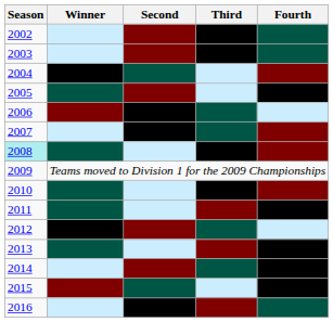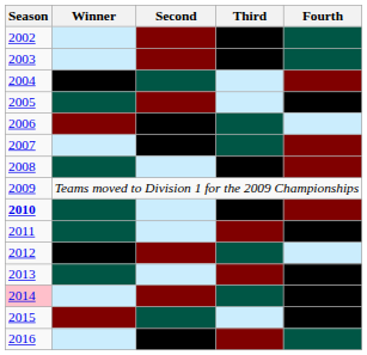 <table class="wikitable">
 <tr style="background:#efefef;">
 <th>Season</th>
 <th>Winner</th>
 <th>Second</th>
 <th>Third</th>
 <th>Fourth</th>
 </tr>
 <tr>
 <td><a href='#'>2002</a></td>
 <td bgcolor="#CBEDFD" div style="text-align: center;"></td>
 <td bgcolor="Maroon" div style="text-align: center;"></td>
 <td bgcolor="Black" div style="text-align: center;"></td>
 <td bgcolor=#005645 div style="text-align: center;"></td>
 </tr>
 <tr>
 <td><a href='#'>2003</a></td>
 <td bgcolor="#CBEDFD" div style="text-align: center;"></td>
 <td bgcolor="Maroon" div style="text-align: center;"></td>
 <td bgcolor="Black" div style="text-align: center;"></td>
 <td bgcolor=#005645 div style="text-align: center;"></td>
 </tr>
 <tr>
 <td><a href='#'>2004</a></td>
 <td bgcolor="Black" div style="text-align: center;"></td>
 <td bgcolor=#005645 div style="text-align: center;"></td>
 <td bgcolor="#CBEDFD" div style="text-align: center;"></td>
 <td bgcolor="Maroon" div style="text-align: center;"></td>
 </tr>
 <tr>
 <td><a href='#'>2005</a></td>
 <td bgcolor=#005645 div style="text-align: center;"></td>
 <td bgcolor="Maroon" div style="text-align: center;"></td>
 <td bgcolor="#CBEDFD" div style="text-align: center;"></td>
 <td bgcolor="Black" div style="text-align: center;"></td>
 </tr>
 <tr>
 <td><a href='#'>2006</a></td>
 <td bgcolor="Maroon" div style="text-align: center;"></td>
 <td bgcolor="Black" div style="text-align: center;"></td>
 <td bgcolor=#005645 div style="text-align: center;"></td>
 <td bgcolor="#CBEDFD" div style="text-align: center;"></td>
 </tr>
 <tr>
 <td><a href='#'>2007</a></td>
 <td bgcolor="#CBEDFD" div style="text-align: center;"></td>
 <td bgcolor="Black" div style="text-align: center;"></td>
 <td bgcolor=#005645 div style="text-align: center;"></td>
 <td bgcolor="Maroon" div style="text-align: center;"></td>
 </tr>
 <tr>
-<td style="background: paleturquoise;"><a href='#'>2008</a></td>
+<td><a href='#'>2008</a></td>
 <td bgcolor=#005645 div style="text-align: center;"></td>
 <td bgcolor="#CBEDFD" div style="text-align: center;"></td>
 <td bgcolor="Black" div style="text-align: center;"></td>
 <td bgcolor="Maroon" div style="text-align: center;"></td>
 </tr>
 <tr>
 <td><a href='#'>2009</a></td>
 <td align=left colspan="4"><em>Teams moved to Division 1 for the 2009 Championships</em></td>
 </tr>
 <tr>
-<td><a href='#'>2010</a></td>
+<td><strong><a href='#'>2010</a></strong></td>
 <td bgcolor=#005645 div style="text-align: center;"></td>
 <td bgcolor="#CBEDFD" div style="text-align: center;"></td>
 <td bgcolor="Black" div style="text-align: center;"></td>
 <td bgcolor="Maroon" div style="text-align: center;"></td>
 </tr>
 <tr>
 <td><a href='#'>2011</a></td>
 <td bgcolor=#005645 div style="text-align: center;"></td>
 <td bgcolor="#CBEDFD" div style="text-align: center;"></td>
 <td bgcolor="Maroon" div style="text-align: center;"></td>
 <td bgcolor="Black" div style="text-align: center;"></td>
 </tr>
 <tr>
 <td><a href='#'>2012</a></td>
 <td bgcolor="Black" div style="text-align: center;"></td>
 <td bgcolor="Maroon" div style="text-align: center;"></td>
 <td bgcolor=#005645 div style="text-align: center;"></td>
 <td bgcolor="#CBEDFD" div style="text-align: center;"></td>
 </tr>
 <tr>
 <td><a href='#'>2013</a></td>
 <td bgcolor=#005645 div style="text-align: center;"></td>
 <td bgcolor="#CBEDFD" div style="text-align: center;"></td>
 <td bgcolor="Maroon" div style="text-align: center;"></td>
 <td bgcolor="Black" div style="text-align: center;"></td>
 </tr>
 <tr>
-<td><a href='#'>2014</a></td>
+<td style="background: pink;"><a href='#'>2014</a></td>
 <td bgcolor="#CBEDFD" div style="text-align: center;"></td>
 <td bgcolor="Maroon" div style="text-align: center;"></td>
 <td bgcolor=#005645 div style="text-align: center;"></td>
 <td bgcolor="Black" div style="text-align: center;"></td>
 </tr>
 <tr>
 <td><a href='#'>2015</a></td>
 <td bgcolor="Maroon" div style="text-align: center;"></td>
 <td bgcolor=#005645 div style="text-align: center;"></td>
 <td bgcolor="#CBEDFD" div style="text-align: center;"></td>
 <td bgcolor="Black" div style="text-align: center;"></td>
 </tr>
 <tr>
 <td><a href='#'>2016</a></td>
 <td bgcolor="#CBEDFD" div style="text-align: center;"></td>
 <td bgcolor="Black" div style="text-align: center;"></td>
 <td bgcolor="Maroon" div style="text-align: center;"></td>
 <td bgcolor=#005645 div style="text-align: center;"></td>
 </tr>
 </table>
